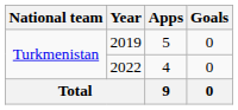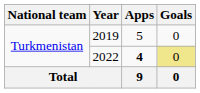 <table class="wikitable" style="text-align:center">
 <tr>
 <th>National team</th>
 <th>Year</th>
 <th>Apps</th>
 <th>Goals</th>
 </tr>
 <tr>
 <td rowspan="2"><a href='#'>Turkmenistan</a></td>
 <td>2019</td>
 <td>5</td>
 <td>0</td>
 </tr>
 <tr>
 <td>2022</td>
-<td>4</td>
-<td>0</td>
+<td><strong>4</strong></td>
+<td style="background: khaki;">0</td>
 </tr>
 <tr>
 <th colspan="2">Total</th>
 <th>9</th>
 <th>0</th>
 </tr>
 </table>
